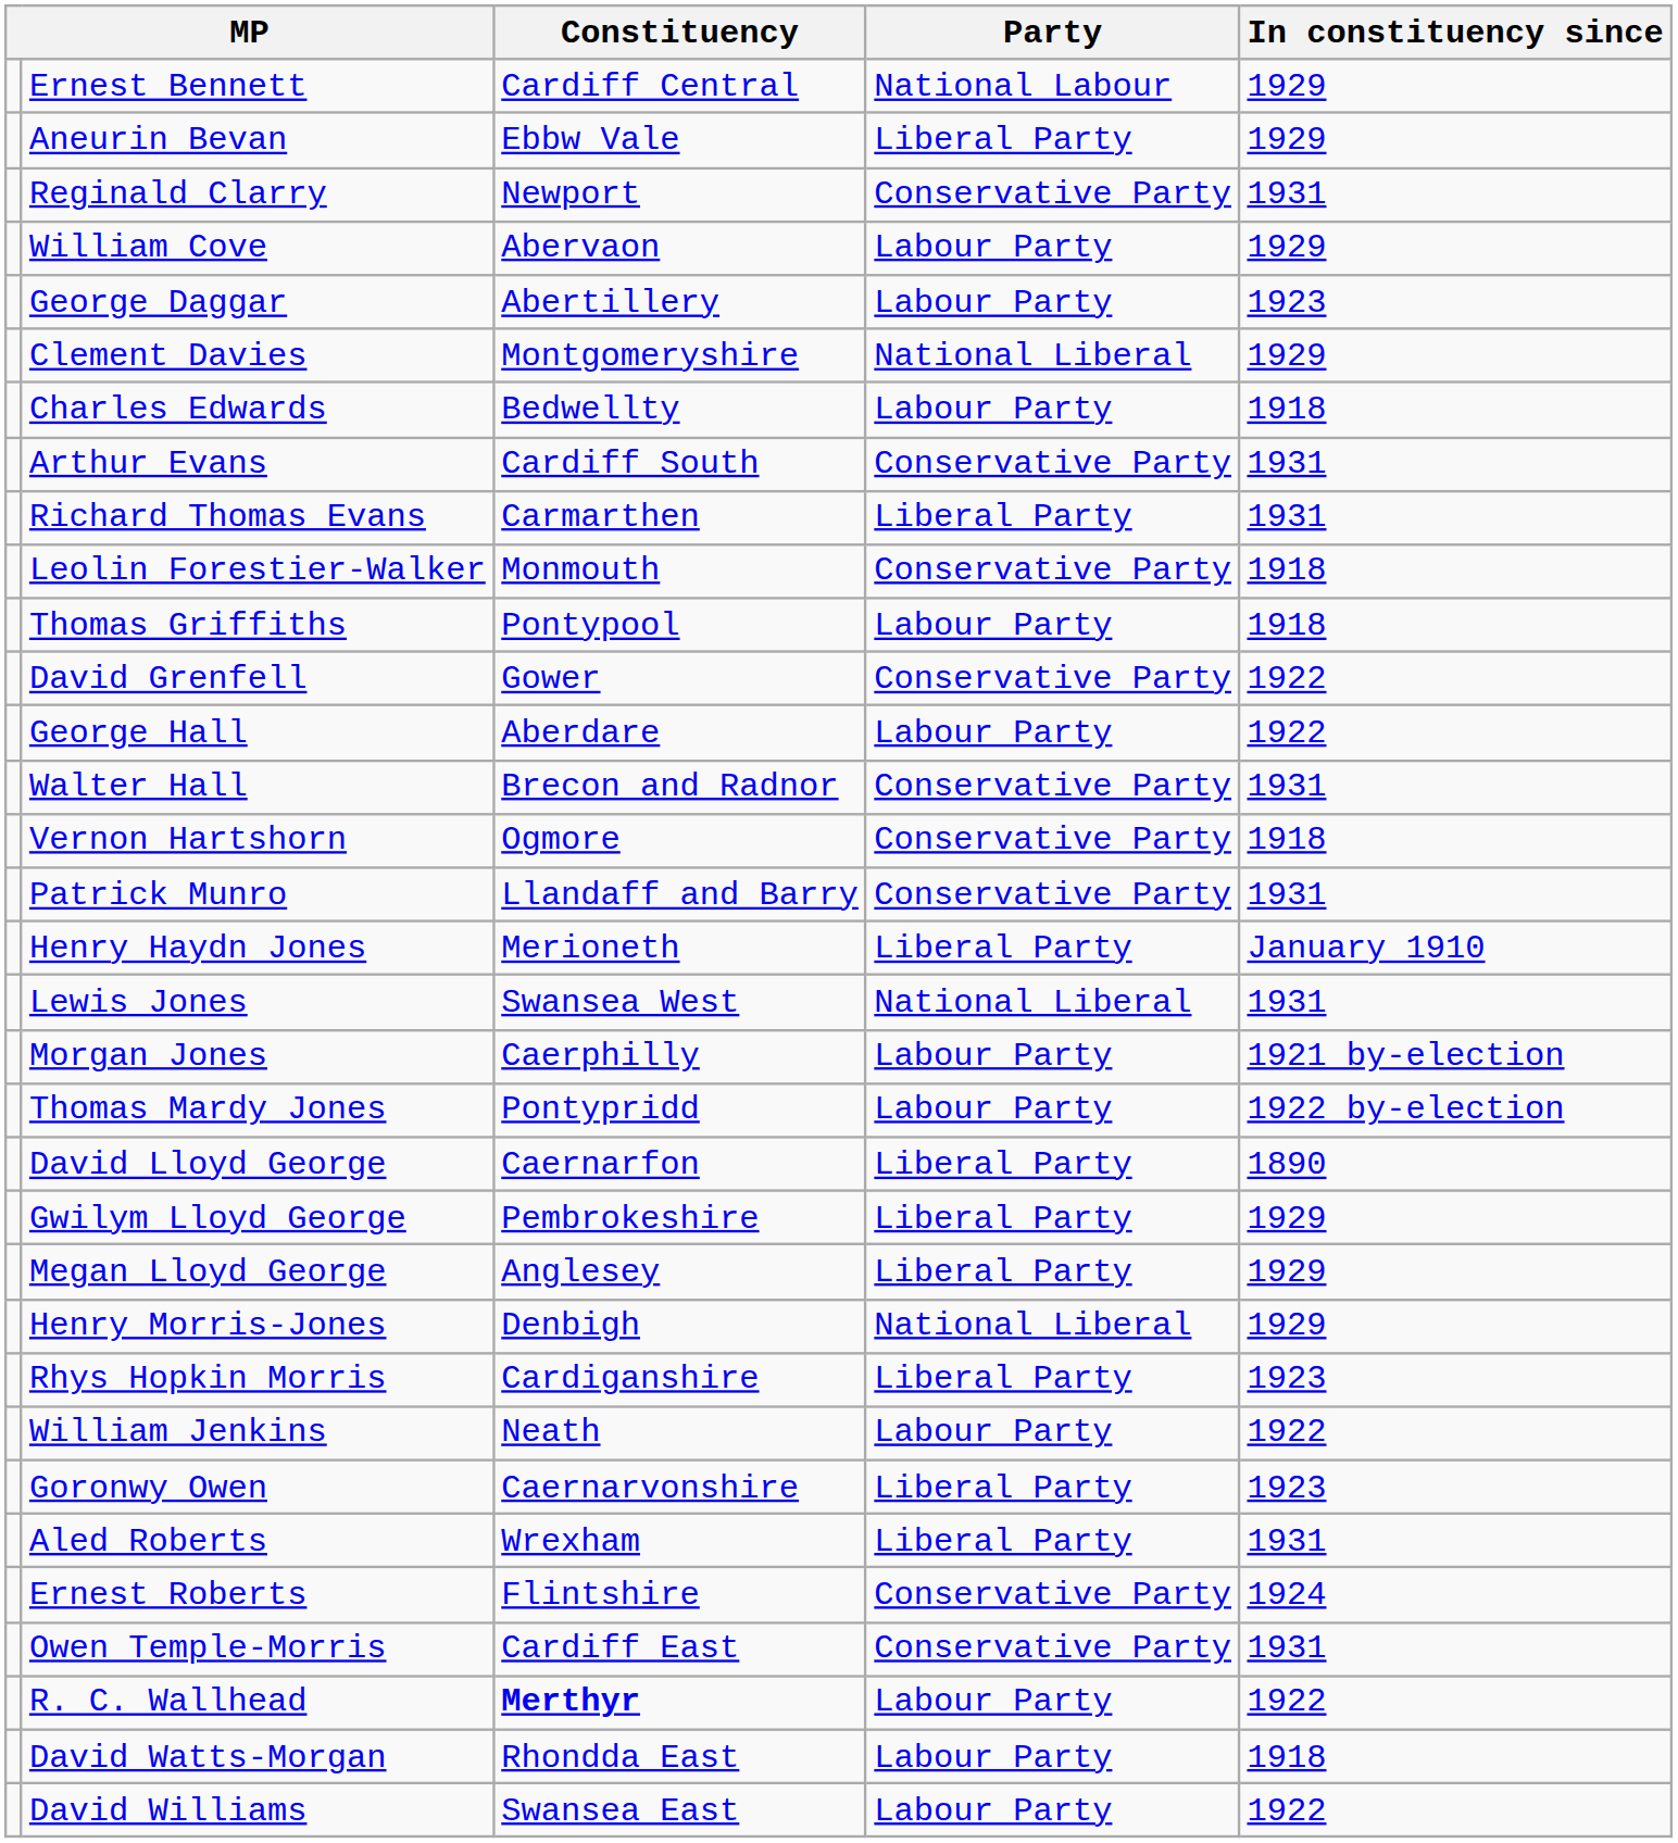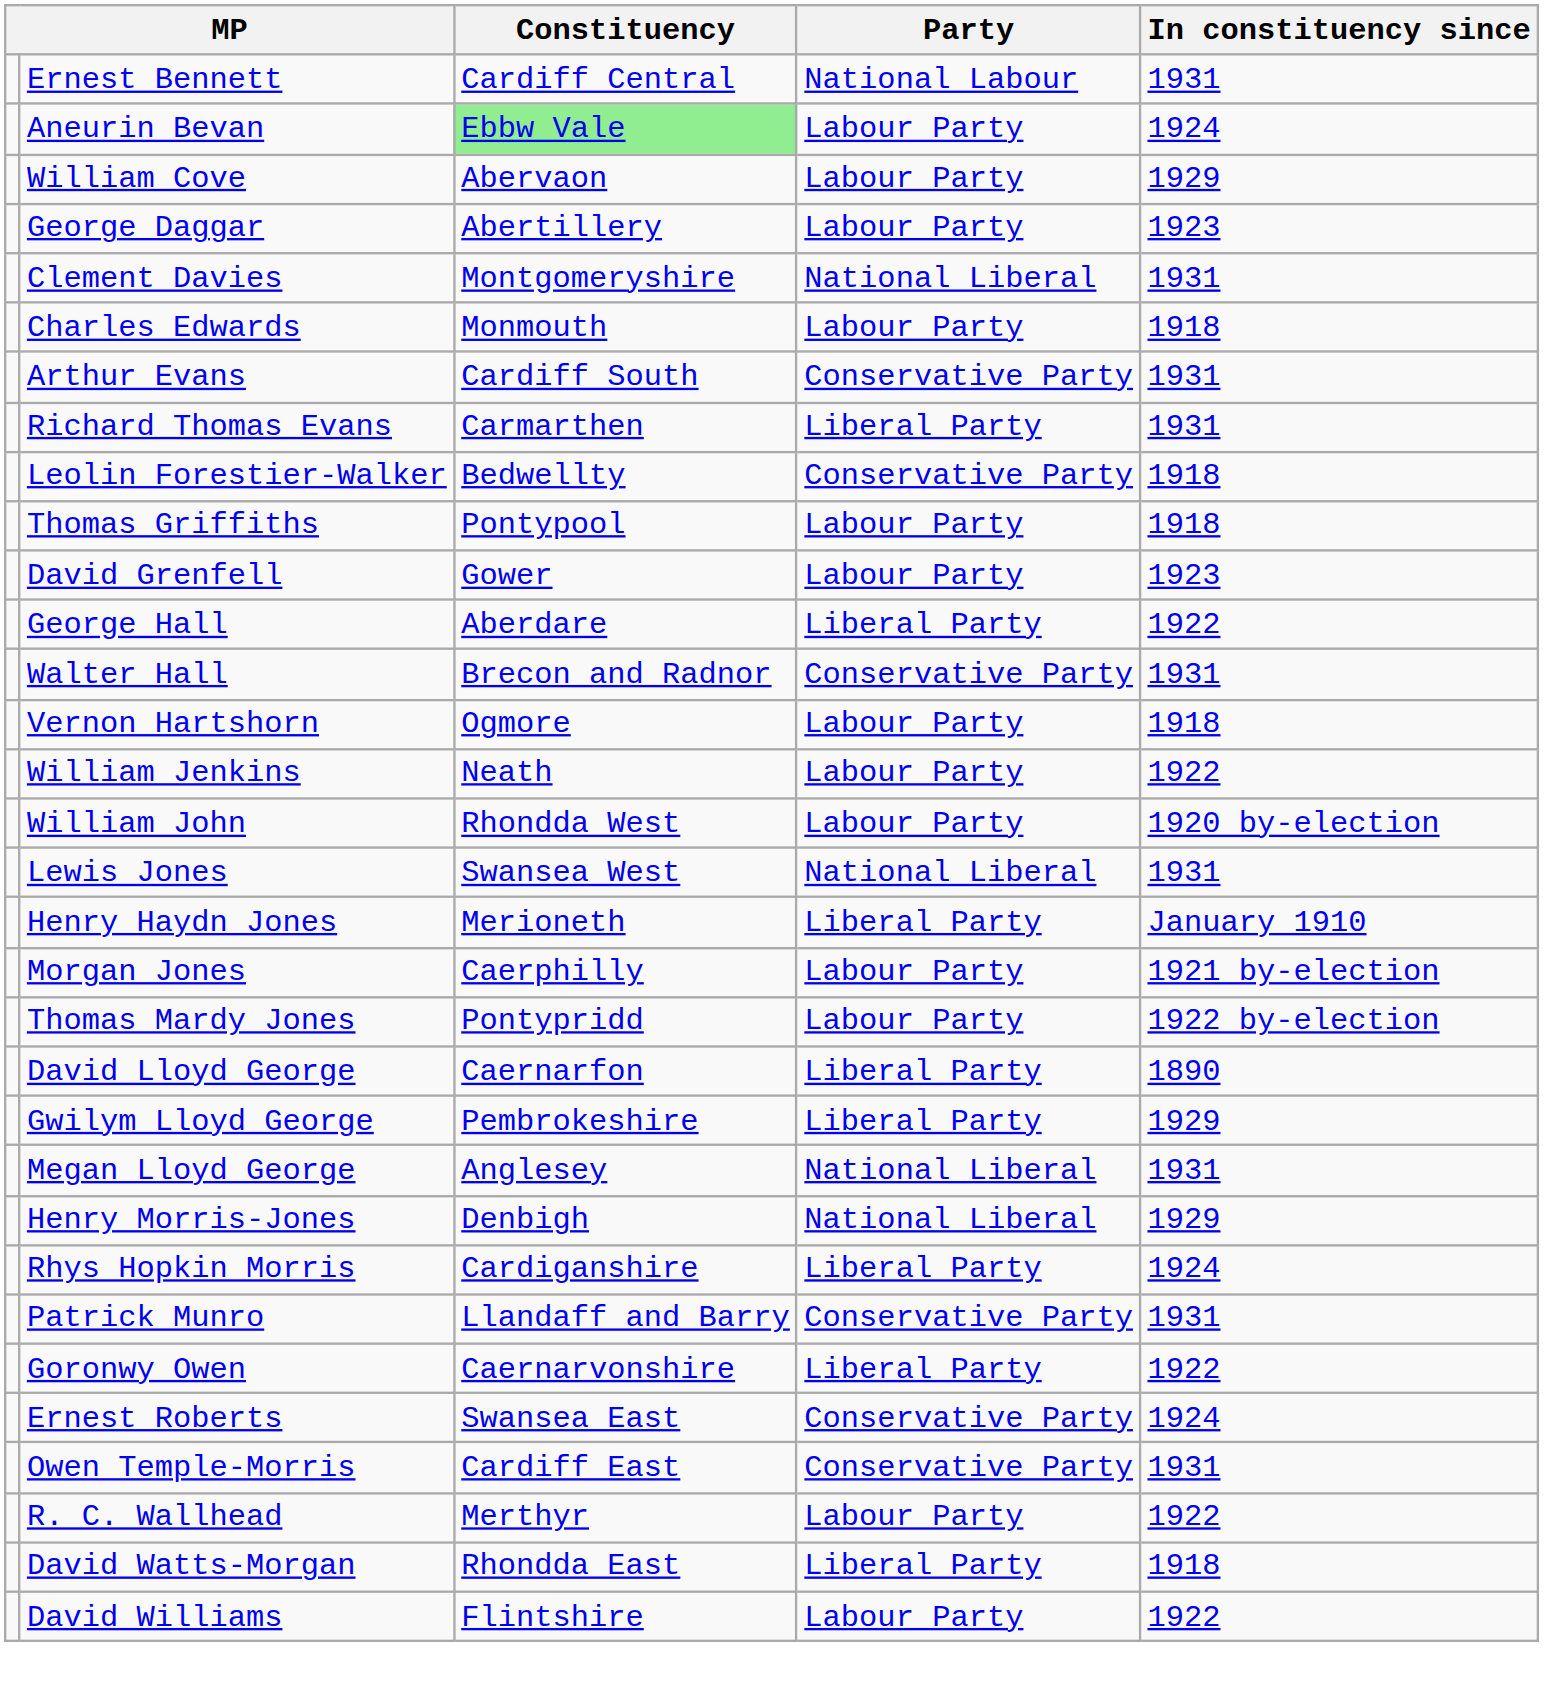 <table class="wikitable sortable">
 <tr>
 <th colspan="2">MP</th>
 <th>Constituency</th>
 <th>Party</th>
 <th>In constituency since</th>
 </tr>
 <tr>
 <td style="color:inherit;background-color: "></td>
 <td><a href='#'>Ernest Bennett</a></td>
 <td><a href='#'>Cardiff Central</a></td>
 <td><a href='#'>National Labour</a></td>
-<td><a href='#'>1929</a></td>
+<td><a href='#'>1931</a></td>
 </tr>
 <tr>
 <td style="color:inherit;background-color: "></td>
 <td><a href='#'>Aneurin Bevan</a></td>
-<td><a href='#'>Ebbw Vale</a></td>
-<td><a href='#'>Liberal Party</a></td>
-<td><a href='#'>1929</a></td>
-</tr>
-<tr>
-<td style="color:inherit;background-color: "></td>
-<td><a href='#'>Reginald Clarry</a></td>
-<td><a href='#'>Newport</a></td>
-<td><a href='#'>Conservative Party</a></td>
-<td><a href='#'>1931</a></td>
+<td style="background: lightgreen;"><a href='#'>Ebbw Vale</a></td>
+<td><a href='#'>Labour Party</a></td>
+<td><a href='#'>1924</a></td>
 </tr>
 <tr>
 <td style="color:inherit;background-color: "></td>
 <td><a href='#'>William Cove</a></td>
 <td><a href='#'>Abervaon</a></td>
 <td><a href='#'>Labour Party</a></td>
 <td><a href='#'>1929</a></td>
 </tr>
 <tr>
 <td style="color:inherit;background-color: "></td>
 <td><a href='#'>George Daggar</a></td>
 <td><a href='#'>Abertillery</a></td>
 <td><a href='#'>Labour Party</a></td>
 <td><a href='#'>1923</a></td>
 </tr>
 <tr>
 <td style="color:inherit;background-color: "></td>
 <td><a href='#'>Clement Davies</a></td>
 <td><a href='#'>Montgomeryshire</a></td>
 <td><a href='#'>National Liberal</a></td>
-<td><a href='#'>1929</a></td>
+<td><a href='#'>1931</a></td>
 </tr>
 <tr>
 <td style="color:inherit;background-color: "></td>
 <td><a href='#'>Charles Edwards</a></td>
-<td><a href='#'>Bedwellty</a></td>
+<td><a href='#'>Monmouth</a></td>
 <td><a href='#'>Labour Party</a></td>
 <td><a href='#'>1918</a></td>
 </tr>
 <tr>
 <td style="color:inherit;background-color: "></td>
 <td><a href='#'>Arthur Evans</a></td>
 <td><a href='#'>Cardiff South</a></td>
 <td><a href='#'>Conservative Party</a></td>
 <td><a href='#'>1931</a></td>
 </tr>
 <tr>
 <td style="color:inherit;background-color: "></td>
 <td><a href='#'>Richard Thomas Evans</a></td>
 <td><a href='#'>Carmarthen</a></td>
 <td><a href='#'>Liberal Party</a></td>
 <td><a href='#'>1931</a></td>
 </tr>
 <tr>
 <td style="color:inherit;background-color: "></td>
 <td><a href='#'>Leolin Forestier-Walker</a></td>
-<td><a href='#'>Monmouth</a></td>
+<td><a href='#'>Bedwellty</a></td>
 <td><a href='#'>Conservative Party</a></td>
 <td><a href='#'>1918</a></td>
 </tr>
 <tr>
 <td style="color:inherit;background-color: "></td>
 <td><a href='#'>Thomas Griffiths</a></td>
 <td><a href='#'>Pontypool</a></td>
 <td><a href='#'>Labour Party</a></td>
 <td><a href='#'>1918</a></td>
 </tr>
 <tr>
 <td style="color:inherit;background-color: "></td>
 <td><a href='#'>David Grenfell</a></td>
 <td><a href='#'>Gower</a></td>
-<td><a href='#'>Conservative Party</a></td>
-<td><a href='#'>1922</a></td>
+<td><a href='#'>Labour Party</a></td>
+<td><a href='#'>1923</a></td>
 </tr>
 <tr>
 <td style="color:inherit;background-color: "></td>
 <td><a href='#'>George Hall</a></td>
 <td><a href='#'>Aberdare</a></td>
-<td><a href='#'>Labour Party</a></td>
+<td><a href='#'>Liberal Party</a></td>
 <td><a href='#'>1922</a></td>
 </tr>
 <tr>
 <td style="color:inherit;background-color: "></td>
 <td><a href='#'>Walter Hall</a></td>
 <td><a href='#'>Brecon and Radnor</a></td>
 <td><a href='#'>Conservative Party</a></td>
 <td><a href='#'>1931</a></td>
 </tr>
 <tr>
 <td style="color:inherit;background-color: "></td>
 <td><a href='#'>Vernon Hartshorn</a></td>
 <td><a href='#'>Ogmore</a></td>
-<td><a href='#'>Conservative Party</a></td>
+<td><a href='#'>Labour Party</a></td>
 <td><a href='#'>1918</a></td>
 </tr>
 <tr>
 <td style="color:inherit;background-color: "></td>
-<td><a href='#'>Patrick Munro</a></td>
-<td><a href='#'>Llandaff and Barry</a></td>
-<td><a href='#'>Conservative Party</a></td>
+<td><a href='#'>William Jenkins</a></td>
+<td><a href='#'>Neath</a></td>
+<td><a href='#'>Labour Party</a></td>
+<td><a href='#'>1922</a></td>
+</tr>
+<tr>
+<td style="color:inherit;background-color: "></td>
+<td><a href='#'>William John</a></td>
+<td><a href='#'>Rhondda West</a></td>
+<td><a href='#'>Labour Party</a></td>
+<td><a href='#'>1920 by-election</a></td>
+</tr>
+<tr>
+<td style="color:inherit;background-color: "></td>
+<td><a href='#'>Lewis Jones</a></td>
+<td><a href='#'>Swansea West</a></td>
+<td><a href='#'>National Liberal</a></td>
 <td><a href='#'>1931</a></td>
 </tr>
 <tr>
 <td style="color:inherit;background-color: "></td>
 <td><a href='#'>Henry Haydn Jones</a></td>
 <td><a href='#'>Merioneth</a></td>
 <td><a href='#'>Liberal Party</a></td>
 <td><a href='#'>January 1910</a></td>
-</tr>
-<tr>
-<td style="color:inherit;background-color: "></td>
-<td><a href='#'>Lewis Jones</a></td>
-<td><a href='#'>Swansea West</a></td>
-<td><a href='#'>National Liberal</a></td>
-<td><a href='#'>1931</a></td>
 </tr>
 <tr>
 <td style="color:inherit;background-color: "></td>
 <td><a href='#'>Morgan Jones</a></td>
 <td><a href='#'>Caerphilly</a></td>
 <td><a href='#'>Labour Party</a></td>
 <td><a href='#'>1921 by-election</a></td>
 </tr>
 <tr>
 <td style="color:inherit;background-color: "></td>
 <td><a href='#'>Thomas Mardy Jones</a></td>
 <td><a href='#'>Pontypridd</a></td>
 <td><a href='#'>Labour Party</a></td>
 <td><a href='#'>1922 by-election</a></td>
 </tr>
 <tr>
 <td style="color:inherit;background-color: "></td>
 <td><a href='#'>David Lloyd George</a></td>
 <td><a href='#'>Caernarfon</a></td>
 <td><a href='#'>Liberal Party</a></td>
 <td><a href='#'>1890</a></td>
 </tr>
 <tr>
 <td style="color:inherit;background-color: "></td>
 <td><a href='#'>Gwilym Lloyd George</a></td>
 <td><a href='#'>Pembrokeshire</a></td>
 <td><a href='#'>Liberal Party</a></td>
 <td><a href='#'>1929</a></td>
 </tr>
 <tr>
 <td style="color:inherit;background-color: "></td>
 <td><a href='#'>Megan Lloyd George</a></td>
 <td><a href='#'>Anglesey</a></td>
-<td><a href='#'>Liberal Party</a></td>
-<td><a href='#'>1929</a></td>
+<td><a href='#'>National Liberal</a></td>
+<td><a href='#'>1931</a></td>
 </tr>
 <tr>
 <td style="color:inherit;background-color: "></td>
 <td><a href='#'>Henry Morris-Jones</a></td>
 <td><a href='#'>Denbigh</a></td>
 <td><a href='#'>National Liberal</a></td>
 <td><a href='#'>1929</a></td>
 </tr>
 <tr>
 <td style="color:inherit;background-color: "></td>
 <td><a href='#'>Rhys Hopkin Morris</a></td>
 <td><a href='#'>Cardiganshire</a></td>
 <td><a href='#'>Liberal Party</a></td>
-<td><a href='#'>1923</a></td>
+<td><a href='#'>1924</a></td>
 </tr>
 <tr>
 <td style="color:inherit;background-color: "></td>
-<td><a href='#'>William Jenkins</a></td>
-<td><a href='#'>Neath</a></td>
-<td><a href='#'>Labour Party</a></td>
-<td><a href='#'>1922</a></td>
+<td><a href='#'>Patrick Munro</a></td>
+<td><a href='#'>Llandaff and Barry</a></td>
+<td><a href='#'>Conservative Party</a></td>
+<td><a href='#'>1931</a></td>
 </tr>
 <tr>
 <td style="color:inherit;background-color: "></td>
 <td><a href='#'>Goronwy Owen</a></td>
 <td><a href='#'>Caernarvonshire</a></td>
 <td><a href='#'>Liberal Party</a></td>
-<td><a href='#'>1923</a></td>
-</tr>
-<tr>
-<td style="color:inherit;background-color: "></td>
-<td><a href='#'>Aled Roberts</a></td>
-<td><a href='#'>Wrexham</a></td>
-<td><a href='#'>Liberal Party</a></td>
-<td><a href='#'>1931</a></td>
+<td><a href='#'>1922</a></td>
 </tr>
 <tr>
 <td style="color:inherit;background-color: "></td>
 <td><a href='#'>Ernest Roberts</a></td>
-<td><a href='#'>Flintshire</a></td>
+<td><a href='#'>Swansea East</a></td>
 <td><a href='#'>Conservative Party</a></td>
 <td><a href='#'>1924</a></td>
 </tr>
 <tr>
 <td style="color:inherit;background-color: "></td>
 <td><a href='#'>Owen Temple-Morris</a></td>
 <td><a href='#'>Cardiff East</a></td>
 <td><a href='#'>Conservative Party</a></td>
 <td><a href='#'>1931</a></td>
 </tr>
 <tr>
 <td style="color:inherit;background-color: "></td>
 <td><a href='#'>R. C. Wallhead</a></td>
-<td><strong><a href='#'>Merthyr</a></strong></td>
+<td><a href='#'>Merthyr</a></td>
 <td><a href='#'>Labour Party</a></td>
 <td><a href='#'>1922</a></td>
 </tr>
 <tr>
 <td style="color:inherit;background-color: "></td>
 <td><a href='#'>David Watts-Morgan</a></td>
 <td><a href='#'>Rhondda East</a></td>
-<td><a href='#'>Labour Party</a></td>
+<td><a href='#'>Liberal Party</a></td>
 <td><a href='#'>1918</a></td>
 </tr>
 <tr>
 <td style="color:inherit;background-color: "></td>
 <td><a href='#'>David Williams</a></td>
-<td><a href='#'>Swansea East</a></td>
+<td><a href='#'>Flintshire</a></td>
 <td><a href='#'>Labour Party</a></td>
 <td><a href='#'>1922</a></td>
 </tr>
 </table>
